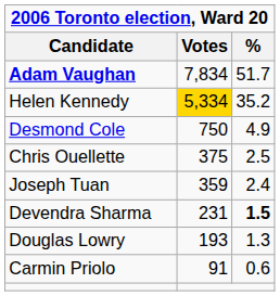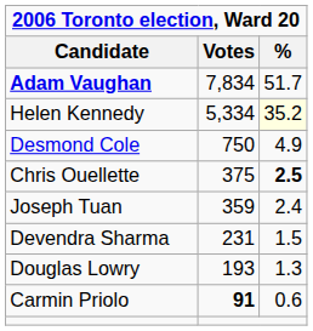 <table class="wikitable">
 <tr>
 <td Colspan="3" align="center"><strong><a href='#'>2006 Toronto election</a>, Ward 20</strong></td>
 </tr>
 <tr>
 <th bgcolor="#DDDDFF" width="150px">Candidate</th>
 <th bgcolor="#DDDDFF">Votes</th>
 <th bgcolor="#DDDDFF">%</th>
 </tr>
 <tr>
 <td><strong><a href='#'>Adam Vaughan</a></strong></td>
 <td align=right>7,834</td>
 <td align=right>51.7</td>
 </tr>
 <tr>
 <td>Helen Kennedy</td>
-<td align=right style="background: gold;">5,334</td>
-<td align=right>35.2</td>
+<td align=right>5,334</td>
+<td align=right style="background: lightyellow;">35.2</td>
 </tr>
 <tr>
 <td><a href='#'>Desmond Cole</a></td>
 <td align=right>750</td>
 <td align=right>4.9</td>
 </tr>
 <tr>
 <td>Chris Ouellette</td>
 <td align=right>375</td>
-<td align=right>2.5</td>
+<td align=right><strong>2.5</strong></td>
 </tr>
 <tr>
 <td>Joseph Tuan</td>
 <td align=right>359</td>
 <td align=right>2.4</td>
 </tr>
 <tr>
 <td>Devendra Sharma</td>
 <td align=right>231</td>
-<td align=right><strong>1.5</strong></td>
+<td align=right>1.5</td>
 </tr>
 <tr>
 <td>Douglas Lowry</td>
 <td align=right>193</td>
 <td align=right>1.3</td>
 </tr>
 <tr>
 <td>Carmin Priolo</td>
-<td align=right>91</td>
+<td align=right><strong>91</strong></td>
 <td align=right>0.6</td>
 </tr>
 <tr>
 <td></td>
 </tr>
 </table>
